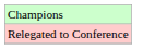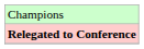 <table class="wikitable">
 <tr width=10px bgcolor="#ccffcc">
 <td>Champions</td>
 </tr>
 <tr width=10px bgcolor="#ffcccc">
-<td>Relegated to Conference</td>
+<td><strong>Relegated to Conference</strong></td>
 </tr>
 <tr>
 </tr>
 </table>
